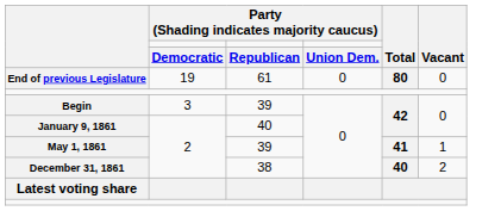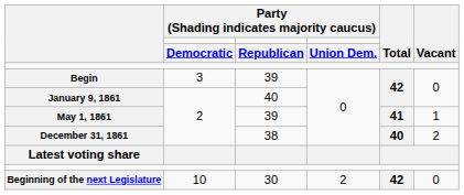 <table class=wikitable style="text-align:center">
 <tr style="vertical-align:bottom;">
 <th rowspan=3></th>
 <th colspan=3>Party <div>(Shading indicates majority caucus)</div></th>
 <th rowspan=3>Total</th>
 <th rowspan=3>Vacant</th>
 </tr>
 <tr style="height:5px">
 <td style="background-color:"></td>
 <td style="background-color:"></td>
 <td style="background-color:"></td>
 </tr>
 <tr>
 <th><a href='#'>Democratic</a></th>
 <th><a href='#'>Republican</a></th>
 <th><a href='#'>Union Dem.</a></th>
-</tr>
-<tr>
-<th style="white-space:nowrap; font-size:80%;">End of <a href='#'>previous Legislature</a></th>
-<td>19</td>
-<td>61</td>
-<td>0</td>
-<th>80</th>
-<td>0</td>
 </tr>
 <tr>
 <td colspan=6></td>
 </tr>
 <tr>
 <th style="font-size:80%">Begin</th>
 <td>3</td>
 <td>39</td>
 <td rowspan="4">0</td>
 <th rowspan="2">42</th>
 <td rowspan="2">0</td>
 </tr>
 <tr>
 <th style="font-size:80%">January 9, 1861</th>
 <td rowspan="3">2</td>
 <td>40</td>
 </tr>
 <tr>
 <th style="font-size:80%">May 1, 1861</th>
 <td>39</td>
 <th>41</th>
 <td>1</td>
 </tr>
 <tr>
 <th style="font-size:80%">December 31, 1861</th>
 <td>38</td>
 <th>40</th>
 <td>2</td>
 </tr>
 <tr>
 <th>Latest voting share</th>
 <th></th>
 <th></th>
 <th></th>
 <th colspan=2></th>
 </tr>
 <tr>
 <td colspan=6></td>
 </tr>
+<tr>
+<th style="white-space:nowrap; font-size:80%;">Beginning of the <a href='#'>next Legislature</a></th>
+<td>10</td>
+<td>30</td>
+<td>2</td>
+<th>42</th>
+<td>0</td>
+</tr>
 </table>
